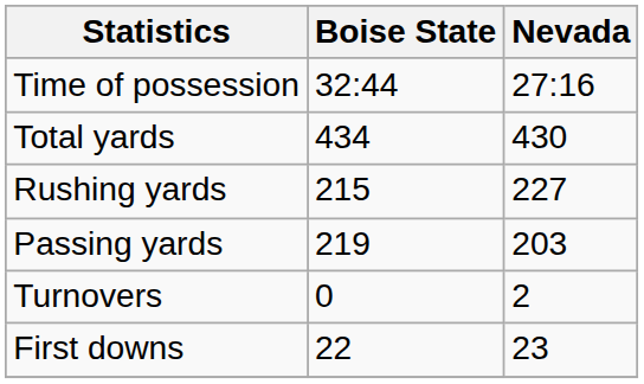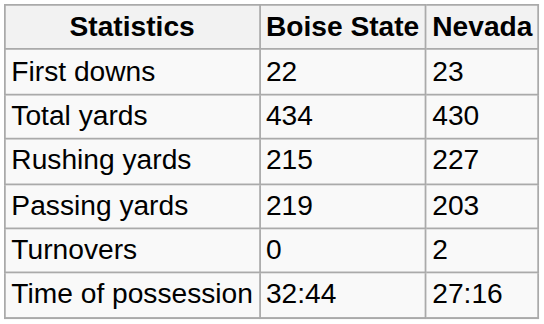 <table class="wikitable">
 <tr>
 <th>Statistics</th>
 <th>Boise State</th>
 <th>Nevada</th>
 </tr>
 <tr>
-<td>Time of possession</td>
-<td>32:44</td>
-<td>27:16</td>
+<td>First downs</td>
+<td>22</td>
+<td>23</td>
 </tr>
 <tr>
 <td>Total yards</td>
 <td>434</td>
 <td>430</td>
 </tr>
 <tr>
 <td>Rushing yards</td>
 <td>215</td>
 <td>227</td>
 </tr>
 <tr>
 <td>Passing yards</td>
 <td>219</td>
 <td>203</td>
 </tr>
 <tr>
 <td>Turnovers</td>
 <td>0</td>
 <td>2</td>
 </tr>
 <tr>
-<td>First downs</td>
-<td>22</td>
-<td>23</td>
+<td>Time of possession</td>
+<td>32:44</td>
+<td>27:16</td>
 </tr>
 <tr>
 </tr>
 </table>
